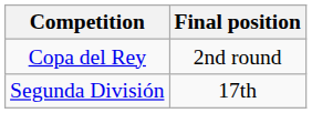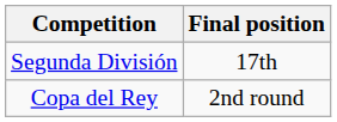 <table class="wikitable" style="font-size:100%; text-align:center">
 <tr>
 <th>Competition</th>
 <th>Final position</th>
 </tr>
 <tr style="background:">
+<td><a href='#'>Segunda División</a></td>
+<td>17th</td>
+</tr>
+<tr style="background:">
 <td><a href='#'>Copa del Rey</a></td>
 <td>2nd round</td>
 </tr>
-<tr style="background:">
-<td><a href='#'>Segunda División</a></td>
-<td>17th</td>
-</tr>
 </table>
